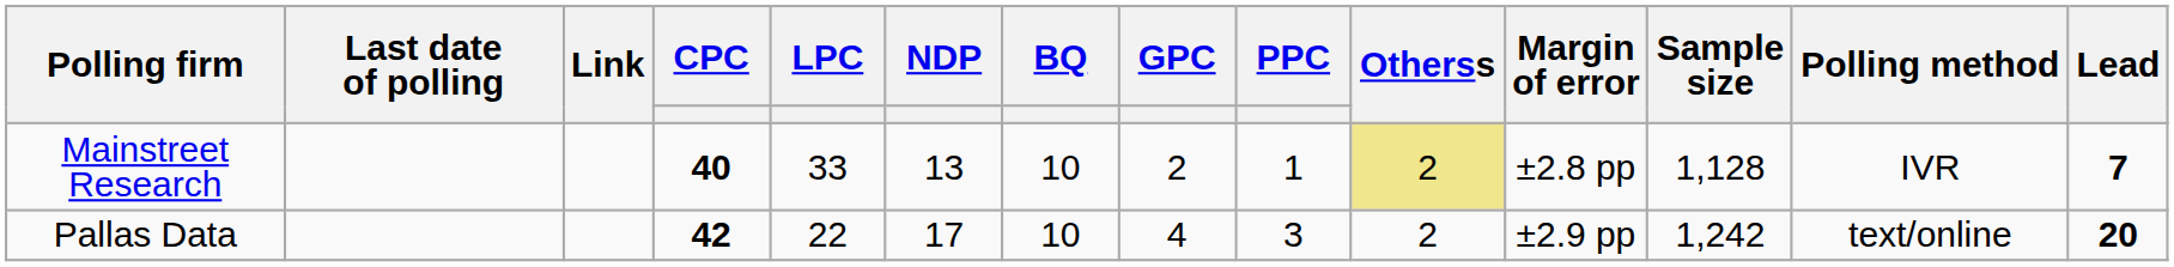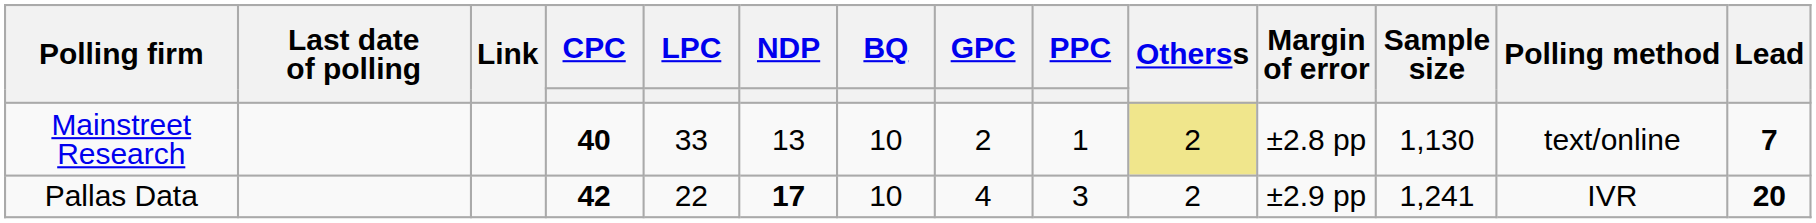 <table class="wikitable sortable mw-datatable" style="text-align:center;font-size:90%;line-height:14px;">
 <tr style="height:40px;">
 <th style="width:105px;" rowspan="2">Polling firm</th>
 <th style="width:105px;" rowspan="2">Last date<br>of polling</th>
 <th rowspan="2">Link</th>
 <th style="width:40px;"><a href='#'>CPC</a></th>
 <th style="width:40px;"><a href='#'>LPC</a></th>
 <th style="width:40px;"><a href='#'>NDP</a></th>
 <th style="width:40px;"><a href='#'>BQ</a></th>
 <th style="width:40px;"><a href='#'>GPC</a></th>
 <th style="width:40px;"><a href='#'>PPC</a></th>
 <th rowspan="2" style="width:40px"><a href='#'>Others</a>s</th>
 <th rowspan="2">Margin<br>of error</th>
 <th rowspan="2">Sample<br>size</th>
 <th rowspan="2">Polling method</th>
 <th rowspan="2">Lead</th>
 </tr>
 <tr class="sorttop">
 <th style="background:"></th>
 <th style="background:"></th>
 <th style="background:"></th>
 <th style="background:"></th>
 <th style="background:"></th>
 <th style="background:"></th>
 </tr>
 <tr>
 <td><a href='#'>Mainstreet Research</a></td>
 <td></td>
 <td></td>
 <td><strong>40</strong></td>
 <td>33</td>
 <td>13</td>
 <td>10</td>
 <td>2</td>
 <td>1</td>
 <td style="background: khaki;">2</td>
 <td>±2.8 pp</td>
-<td>1,128</td>
-<td>IVR</td>
+<td>1,130</td>
+<td>text/online</td>
 <td><strong>7</strong></td>
 </tr>
 <tr>
 <td>Pallas Data</td>
 <td></td>
 <td></td>
 <td><strong>42</strong></td>
 <td>22</td>
-<td>17</td>
+<td><strong>17</strong></td>
 <td>10</td>
 <td>4</td>
 <td>3</td>
 <td>2</td>
 <td>±2.9 pp</td>
-<td>1,242</td>
-<td>text/online</td>
+<td>1,241</td>
+<td>IVR</td>
 <td><strong>20</strong></td>
 </tr>
 </table>
